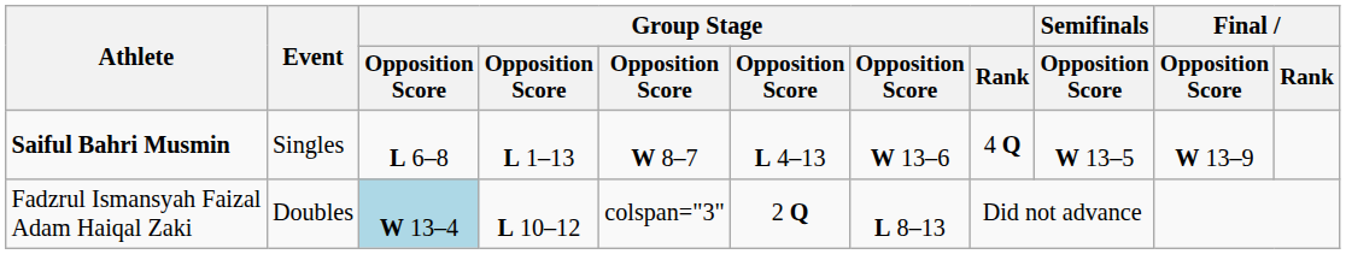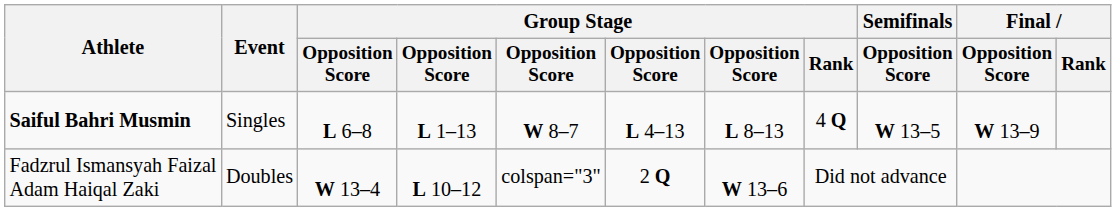 <table class="wikitable" style="font-size:90%">
 <tr>
 <th rowspan="2">Athlete</th>
 <th rowspan="2">Event</th>
 <th colspan="6">Group Stage</th>
 <th>Semifinals</th>
 <th colspan="2">Final / </th>
 </tr>
 <tr style="font-size:95%">
 <th>Opposition<br>Score</th>
 <th>Opposition<br>Score</th>
 <th>Opposition<br>Score</th>
 <th>Opposition<br>Score</th>
 <th>Opposition<br>Score</th>
 <th>Rank</th>
 <th>Opposition<br>Score</th>
 <th>Opposition<br>Score</th>
 <th>Rank</th>
 </tr>
 <tr align="center">
 <td align="left"><strong>Saiful Bahri Musmin</strong></td>
 <td align="left">Singles</td>
 <td><br><strong>L</strong> 6–8</td>
 <td><br><strong>L</strong> 1–13</td>
 <td><br><strong>W</strong> 8–7</td>
 <td><br><strong>L</strong> 4–13</td>
-<td><br><strong>W</strong> 13–6</td>
+<td><br><strong>L</strong> 8–13</td>
 <td>4 <strong>Q</strong></td>
 <td><br><strong>W</strong> 13–5</td>
 <td><br><strong>W</strong> 13–9</td>
 <td></td>
 </tr>
 <tr align="center">
 <td align="left">Fadzrul Ismansyah Faizal<br>Adam Haiqal Zaki</td>
 <td align="left">Doubles</td>
-<td style="background: lightblue;"><br><strong>W</strong> 13–4</td>
+<td><br><strong>W</strong> 13–4</td>
 <td><br><strong>L</strong> 10–12</td>
 <td>colspan="3" </td>
 <td>2 <strong>Q</strong></td>
-<td><br><strong>L</strong> 8–13</td>
+<td><br><strong>W</strong> 13–6</td>
 <td colspan="2">Did not advance</td>
 </tr>
 </table>
